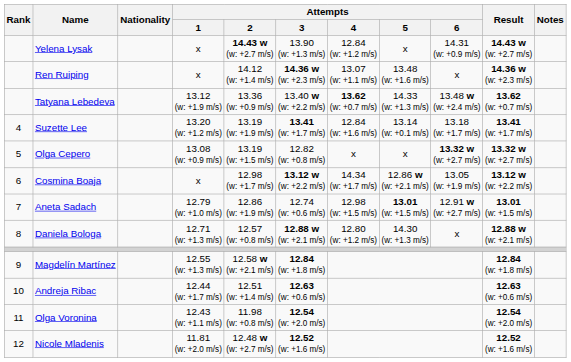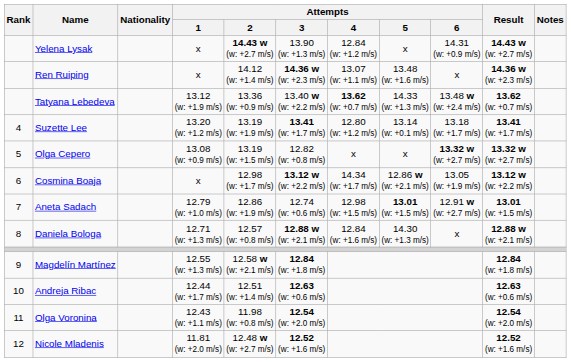 <table class="wikitable sortable" style="text-align:center">
 <tr>
 <th rowspan=2>Rank</th>
 <th rowspan=2>Name</th>
 <th rowspan=2>Nationality</th>
 <th colspan=6>Attempts</th>
 <th rowspan=2>Result</th>
 <th rowspan=2>Notes</th>
 </tr>
 <tr>
 <th>1</th>
 <th>2</th>
 <th>3</th>
 <th>4</th>
 <th>5</th>
 <th>6</th>
 </tr>
 <tr>
 <td></td>
 <td align=left><a href='#'>Yelena Lysak</a></td>
 <td align=left></td>
 <td>x</td>
 <td><strong>14.43</strong> <strong>w</strong> <br><small>(w: +2.7 m/s)</small></td>
 <td>13.90<br><small>(w: +1.3 m/s)</small></td>
 <td>12.84<br><small>(w: +1.2 m/s)</small></td>
 <td>x</td>
 <td>14.31<br><small>(w: +0.9 m/s)</small></td>
 <td><strong>14.43</strong>  <strong>w</strong> <br><small>(w: +2.7 m/s)</small></td>
 <td></td>
 </tr>
 <tr>
 <td></td>
 <td align=left><a href='#'>Ren Ruiping</a></td>
 <td align=left></td>
 <td>x</td>
 <td>14.12<br><small>(w: +1.4 m/s)</small></td>
 <td><strong>14.36</strong> <strong>w</strong> <br><small>(w: +2.3 m/s)</small></td>
 <td>13.07<br><small>(w: +1.1 m/s)</small></td>
 <td>13.48<br><small>(w: +1.6 m/s)</small></td>
 <td>x</td>
 <td><strong>14.36</strong>  <strong>w</strong> <br><small>(w: +2.3 m/s)</small></td>
 <td></td>
 </tr>
 <tr>
 <td></td>
 <td align=left><a href='#'>Tatyana Lebedeva</a></td>
 <td align=left></td>
 <td>13.12<br><small>(w: +1.9 m/s)</small></td>
 <td>13.36<br><small>(w: +0.9 m/s)</small></td>
 <td>13.40 <strong>w</strong> <br><small>(w: +2.2 m/s)</small></td>
 <td><strong>13.62</strong><br><small>(w: +0.7 m/s)</small></td>
 <td>14.33<br><small>(w: +1.3 m/s)</small></td>
 <td>13.48 <strong>w</strong> <br><small>(w: +2.4 m/s)</small></td>
 <td><strong>13.62</strong> <br><small>(w: +0.7 m/s)</small></td>
 <td></td>
 </tr>
 <tr>
 <td>4</td>
 <td align=left><a href='#'>Suzette Lee</a></td>
 <td align=left></td>
 <td>13.20<br><small>(w: +1.2 m/s)</small></td>
 <td>13.19<br><small>(w: +1.9 m/s)</small></td>
 <td><strong>13.41</strong><br><small>(w: +1.7 m/s)</small></td>
-<td>12.84<br><small>(w: +1.6 m/s)</small></td>
+<td>12.80<br><small>(w: +1.2 m/s)</small></td>
 <td>13.14<br><small>(w: +0.1 m/s)</small></td>
 <td>13.18<br><small>(w: +1.7 m/s)</small></td>
 <td><strong>13.41</strong> <br><small>(w: +1.7 m/s)</small></td>
 <td></td>
 </tr>
 <tr>
 <td>5</td>
 <td align=left><a href='#'>Olga Cepero</a></td>
 <td align=left></td>
 <td>13.08<br><small>(w: +0.9 m/s)</small></td>
 <td>13.19<br><small>(w: +1.5 m/s)</small></td>
 <td>12.82<br><small>(w: +0.8 m/s)</small></td>
 <td>x</td>
 <td>x</td>
 <td><strong>13.32</strong> <strong>w</strong> <br><small>(w: +2.7 m/s)</small></td>
 <td><strong>13.32</strong>  <strong>w</strong> <br><small>(w: +2.7 m/s)</small></td>
 <td></td>
 </tr>
 <tr>
 <td>6</td>
 <td align=left><a href='#'>Cosmina Boaja</a></td>
 <td align=left></td>
 <td>x</td>
 <td>12.98<br><small>(w: +1.7 m/s)</small></td>
 <td><strong>13.12</strong> <strong>w</strong> <br><small>(w: +2.2 m/s)</small></td>
 <td>14.34<br><small>(w: +1.7 m/s)</small></td>
 <td>12.86 <strong>w</strong> <br><small>(w: +2.1 m/s)</small></td>
 <td>13.05<br><small>(w: +1.9 m/s)</small></td>
 <td><strong>13.12</strong>  <strong>w</strong> <br><small>(w: +2.2 m/s)</small></td>
 <td></td>
 </tr>
 <tr>
 <td>7</td>
 <td align=left><a href='#'>Aneta Sadach</a></td>
 <td align=left></td>
 <td>12.79<br><small>(w: +1.0 m/s)</small></td>
 <td>12.86<br><small>(w: +1.9 m/s)</small></td>
 <td>12.74<br><small>(w: +0.6 m/s)</small></td>
 <td>12.98<br><small>(w: +1.5 m/s)</small></td>
 <td><strong>13.01</strong><br><small>(w: +1.5 m/s)</small></td>
 <td>12.91 <strong>w</strong> <br><small>(w: +2.7 m/s)</small></td>
 <td><strong>13.01</strong> <br><small>(w: +1.5 m/s)</small></td>
 <td></td>
 </tr>
 <tr>
 <td>8</td>
 <td align=left><a href='#'>Daniela Bologa</a></td>
 <td align=left></td>
 <td>12.71<br><small>(w: +1.3 m/s)</small></td>
 <td>12.57<br><small>(w: +0.8 m/s)</small></td>
 <td><strong>12.88</strong> <strong>w</strong> <br><small>(w: +2.1 m/s)</small></td>
-<td>12.80<br><small>(w: +1.2 m/s)</small></td>
+<td>12.84<br><small>(w: +1.6 m/s)</small></td>
 <td>14.30<br><small>(w: +1.3 m/s)</small></td>
 <td>x</td>
 <td><strong>12.88</strong>  <strong>w</strong> <br><small>(w: +2.1 m/s)</small></td>
 <td></td>
 </tr>
 <tr>
 <td colspan=11 bgcolor=lightgray></td>
 </tr>
 <tr>
 <td>9</td>
 <td align=left><a href='#'>Magdelín Martínez</a></td>
 <td align=left></td>
 <td>12.55<br><small>(w: +1.3 m/s)</small></td>
 <td>12.58 <strong>w</strong> <br><small>(w: +2.1 m/s)</small></td>
 <td><strong>12.84</strong><br><small>(w: +1.8 m/s)</small></td>
 <td colspan=3></td>
 <td><strong>12.84</strong> <br><small>(w: +1.8 m/s)</small></td>
 <td></td>
 </tr>
 <tr>
 <td>10</td>
 <td align=left><a href='#'>Andreja Ribac</a></td>
 <td align=left></td>
 <td>12.44<br><small>(w: +1.7 m/s)</small></td>
 <td>12.51<br><small>(w: +1.4 m/s)</small></td>
 <td><strong>12.63</strong><br><small>(w: +0.6 m/s)</small></td>
 <td colspan=3></td>
 <td><strong>12.63</strong> <br><small>(w: +0.6 m/s)</small></td>
 <td></td>
 </tr>
 <tr>
 <td>11</td>
 <td align=left><a href='#'>Olga Voronina</a></td>
 <td align=left></td>
 <td>12.43<br><small>(w: +1.1 m/s)</small></td>
 <td>11.98<br><small>(w: +0.8 m/s)</small></td>
 <td><strong>12.54</strong><br><small>(w: +2.0 m/s)</small></td>
 <td colspan=3></td>
 <td><strong>12.54</strong> <br><small>(w: +2.0 m/s)</small></td>
 <td></td>
 </tr>
 <tr>
 <td>12</td>
 <td align=left><a href='#'>Nicole Mladenis</a></td>
 <td align=left></td>
 <td>11.81<br><small>(w: +2.0 m/s)</small></td>
 <td>12.48 <strong>w</strong> <br><small>(w: +2.7 m/s)</small></td>
 <td><strong>12.52</strong><br><small>(w: +1.6 m/s)</small></td>
 <td colspan=3></td>
 <td><strong>12.52</strong> <br><small>(w: +1.6 m/s)</small></td>
 <td></td>
 </tr>
 </table>
